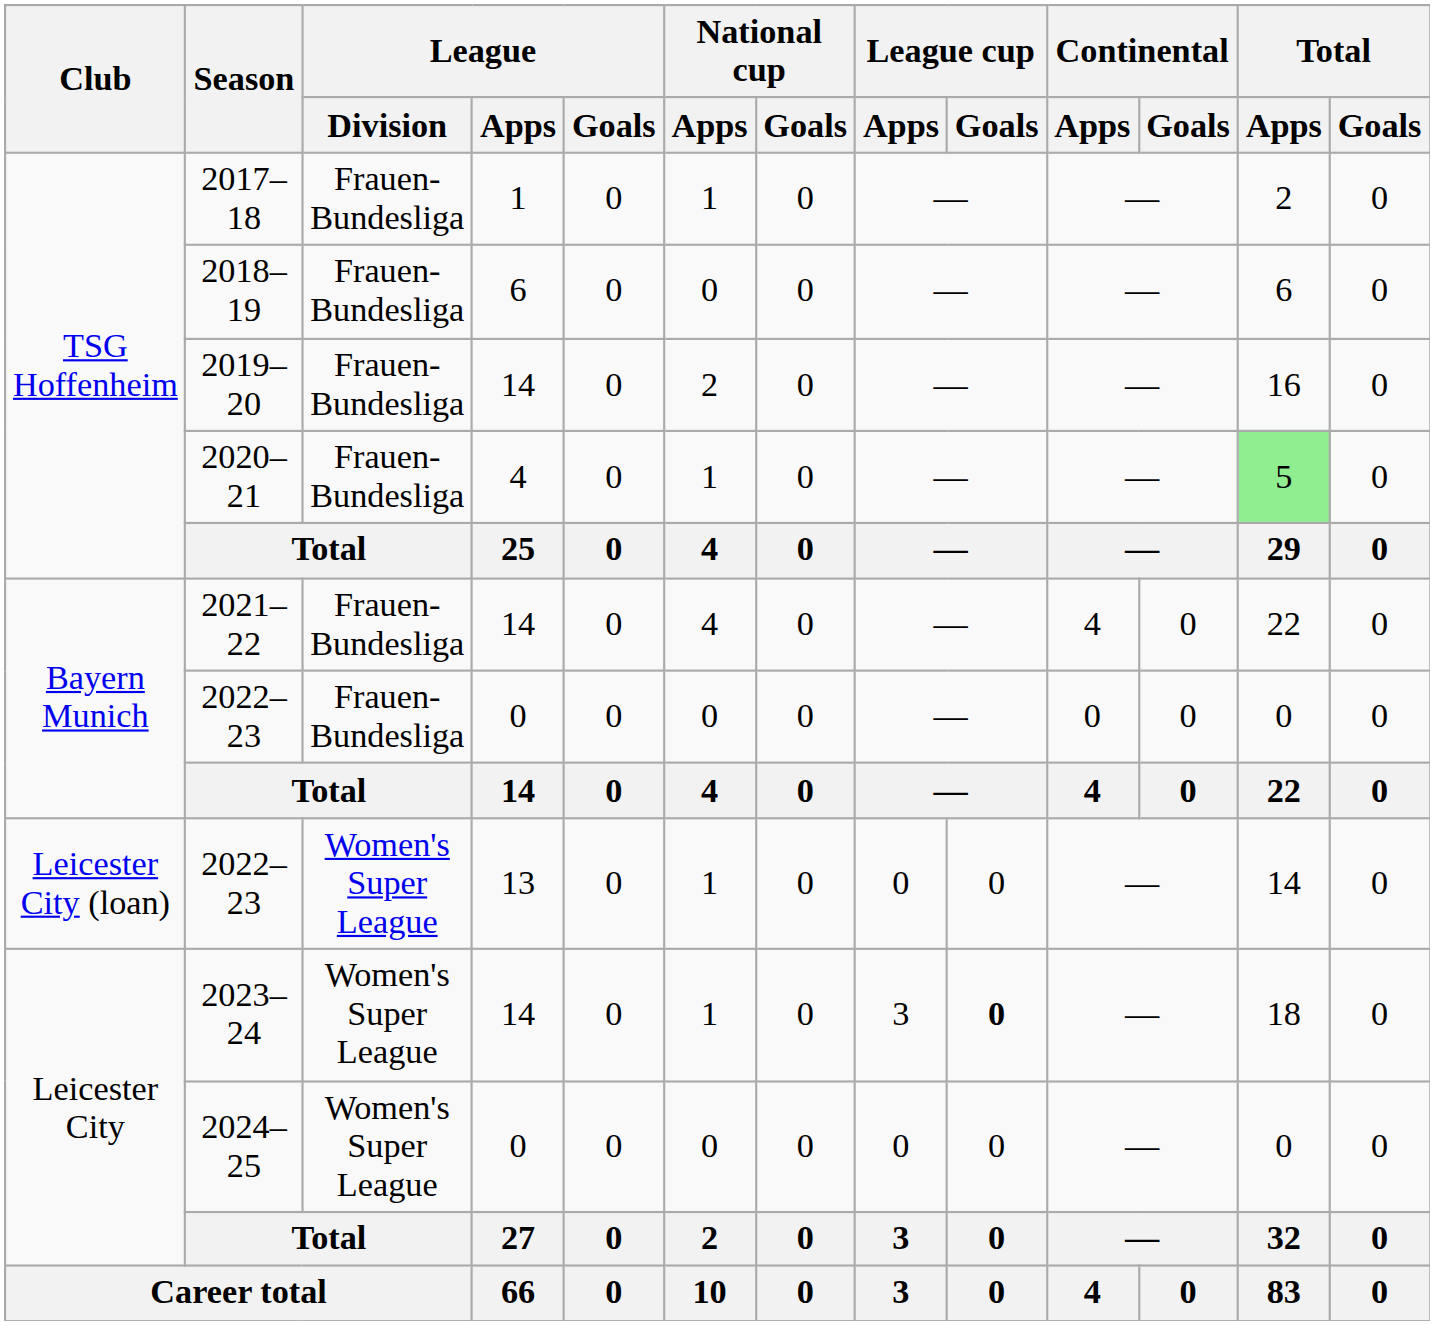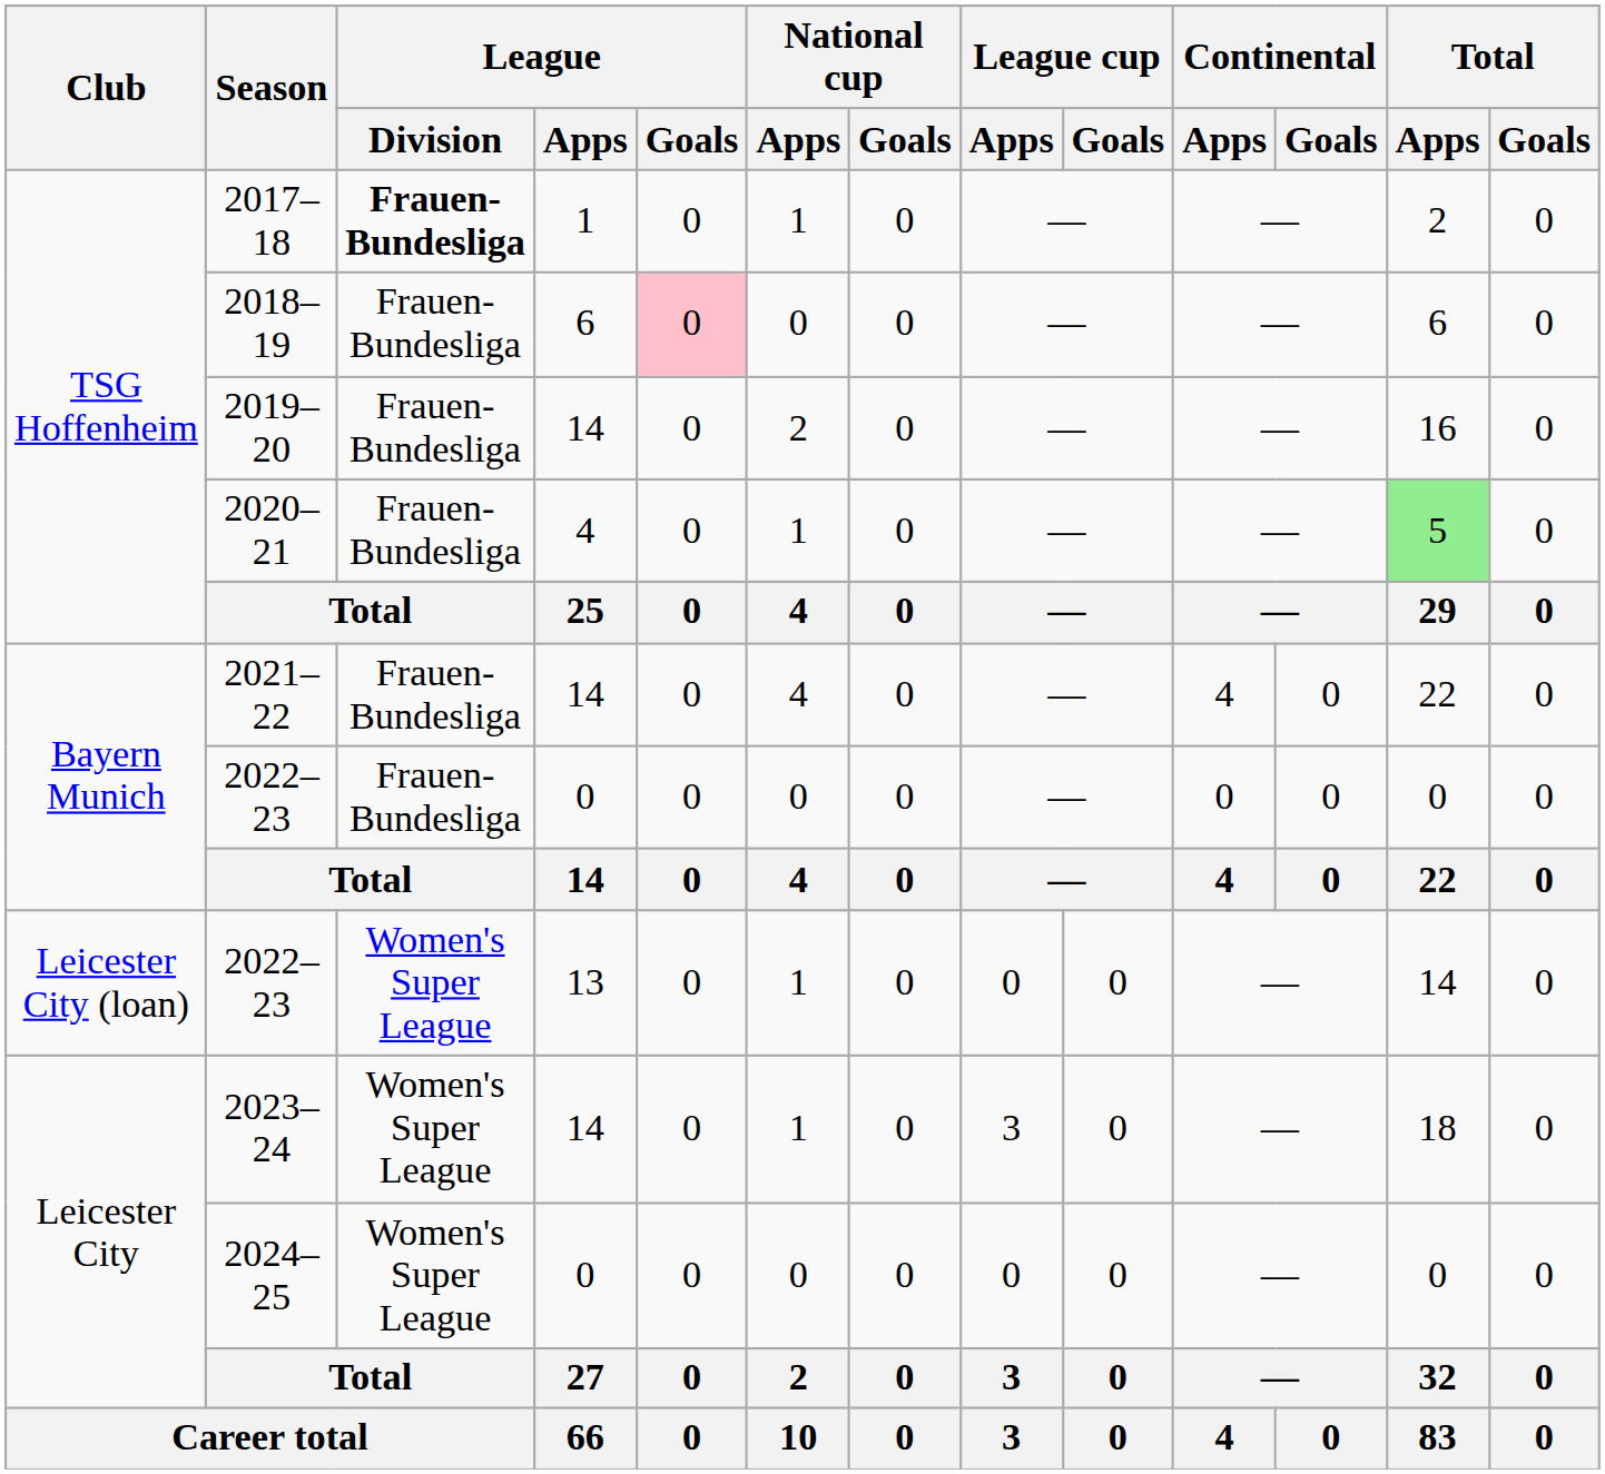 <table class="wikitable" style="text-align:center">
 <tr>
 <th rowspan="2">Club</th>
 <th rowspan="2">Season</th>
 <th colspan="3">League</th>
 <th colspan="2">National cup</th>
 <th colspan="2">League cup</th>
 <th colspan="2">Continental</th>
 <th colspan="2">Total</th>
 </tr>
 <tr>
 <th>Division</th>
 <th>Apps</th>
 <th>Goals</th>
 <th>Apps</th>
 <th>Goals</th>
 <th>Apps</th>
 <th>Goals</th>
 <th>Apps</th>
 <th>Goals</th>
 <th>Apps</th>
 <th>Goals</th>
 </tr>
 <tr>
 <td rowspan="5"><a href='#'>TSG Hoffenheim</a></td>
 <td>2017–18</td>
-<td>Frauen-Bundesliga</td>
+<td><strong>Frauen-Bundesliga</strong></td>
 <td>1</td>
 <td>0</td>
 <td>1</td>
 <td>0</td>
 <td colspan="2">—</td>
 <td colspan="2">—</td>
 <td>2</td>
 <td>0</td>
 </tr>
 <tr>
 <td>2018–19</td>
 <td>Frauen-Bundesliga</td>
 <td>6</td>
-<td>0</td>
+<td style="background: pink;">0</td>
 <td>0</td>
 <td>0</td>
 <td colspan="2">—</td>
 <td colspan="2">—</td>
 <td>6</td>
 <td>0</td>
 </tr>
 <tr>
 <td>2019–20</td>
 <td>Frauen-Bundesliga</td>
 <td>14</td>
 <td>0</td>
 <td>2</td>
 <td>0</td>
 <td colspan="2">—</td>
 <td colspan="2">—</td>
 <td>16</td>
 <td>0</td>
 </tr>
 <tr>
 <td>2020–21</td>
 <td>Frauen-Bundesliga</td>
 <td>4</td>
 <td>0</td>
 <td>1</td>
 <td>0</td>
 <td colspan="2">—</td>
 <td colspan="2">—</td>
 <td style="background: lightgreen;">5</td>
 <td>0</td>
 </tr>
 <tr>
 <th colspan="2">Total</th>
 <th>25</th>
 <th>0</th>
 <th>4</th>
 <th>0</th>
 <th colspan="2">—</th>
 <th colspan="2">—</th>
 <th>29</th>
 <th>0</th>
 </tr>
 <tr>
 <td rowspan="3"><a href='#'>Bayern Munich</a></td>
 <td>2021–22</td>
 <td>Frauen-Bundesliga</td>
 <td>14</td>
 <td>0</td>
 <td>4</td>
 <td>0</td>
 <td colspan="2">—</td>
 <td>4</td>
 <td>0</td>
 <td>22</td>
 <td>0</td>
 </tr>
 <tr>
 <td>2022–23</td>
 <td>Frauen-Bundesliga</td>
 <td>0</td>
 <td>0</td>
 <td>0</td>
 <td>0</td>
 <td colspan="2">—</td>
 <td>0</td>
 <td>0</td>
 <td>0</td>
 <td>0</td>
 </tr>
 <tr>
 <th colspan="2">Total</th>
 <th>14</th>
 <th>0</th>
 <th>4</th>
 <th>0</th>
 <th colspan="2">—</th>
 <th>4</th>
 <th>0</th>
 <th>22</th>
 <th>0</th>
 </tr>
 <tr>
 <td><a href='#'>Leicester City</a> (loan)</td>
 <td>2022–23</td>
 <td><a href='#'>Women's Super League</a></td>
 <td>13</td>
 <td>0</td>
 <td>1</td>
 <td>0</td>
 <td>0</td>
 <td>0</td>
 <td colspan="2">—</td>
 <td>14</td>
 <td>0</td>
 </tr>
 <tr>
 <td rowspan="3">Leicester City</td>
 <td>2023–24</td>
 <td>Women's Super League</td>
 <td>14</td>
 <td>0</td>
 <td>1</td>
 <td>0</td>
 <td>3</td>
-<td><strong>0</strong></td>
+<td>0</td>
 <td colspan="2">—</td>
 <td>18</td>
 <td>0</td>
 </tr>
 <tr>
 <td>2024–25</td>
 <td>Women's Super League</td>
 <td>0</td>
 <td>0</td>
 <td>0</td>
 <td>0</td>
 <td>0</td>
 <td>0</td>
 <td colspan="2">—</td>
 <td>0</td>
 <td>0</td>
 </tr>
 <tr>
 <th colspan="2">Total</th>
 <th>27</th>
 <th>0</th>
 <th>2</th>
 <th>0</th>
 <th>3</th>
 <th>0</th>
 <th colspan="2">—</th>
 <th>32</th>
 <th>0</th>
 </tr>
 <tr>
 <th colspan="3">Career total</th>
 <th>66</th>
 <th>0</th>
 <th>10</th>
 <th>0</th>
 <th>3</th>
 <th>0</th>
 <th>4</th>
 <th>0</th>
 <th>83</th>
 <th>0</th>
 </tr>
 </table>
